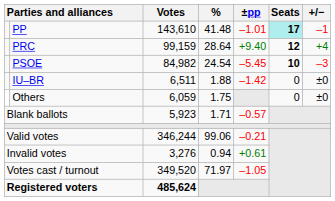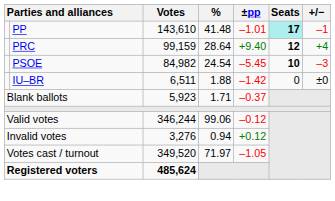 <table class="wikitable" style="text-align:right;">
 <tr>
 <th style="text-align:left;" colspan="2" width="200">Parties and alliances</th>
 <th width="75">Votes</th>
 <th width="45">%</th>
 <th width="45">±<a href='#'>pp</a></th>
 <th width="35">Seats</th>
 <th width="35">+/−</th>
 </tr>
 <tr>
 <td width="1" style="color:inherit;background:"></td>
 <td align="left"><a href='#'>PP</a></td>
 <td>143,610</td>
 <td>41.48</td>
 <td style="color:red;">–1.01</td>
 <td style="background: paleturquoise;"><strong>17</strong></td>
 <td style="color:red;">–1</td>
 </tr>
 <tr>
 <td style="color:inherit;background:"></td>
 <td align="left"><a href='#'>PRC</a></td>
 <td>99,159</td>
 <td>28.64</td>
 <td style="color:green;">+9.40</td>
 <td><strong>12</strong></td>
 <td style="color:green;">+4</td>
 </tr>
 <tr>
 <td style="color:inherit;background:"></td>
 <td align="left"><a href='#'>PSOE</a></td>
 <td>84,982</td>
 <td>24.54</td>
 <td style="color:red;">–5.45</td>
 <td><strong>10</strong></td>
 <td style="color:red;">–3</td>
 </tr>
 <tr>
 <td style="color:inherit;background:"></td>
 <td align="left"><a href='#'>IU–BR</a></td>
 <td>6,511</td>
 <td>1.88</td>
 <td style="color:red;">–1.42</td>
 <td>0</td>
 <td>±0</td>
 </tr>
 <tr>
-<td bgcolor="white"></td>
-<td align="left">Others</td>
-<td>6,059</td>
-<td>1.75</td>
-<td bgcolor="#E9E9E9"></td>
-<td>0</td>
-<td>±0</td>
-</tr>
-<tr>
 <td align="left" colspan="2">Blank ballots</td>
 <td>5,923</td>
 <td>1.71</td>
-<td style="color:red;">–0.57</td>
+<td style="color:red;">–0.37</td>
 <td bgcolor="#E9E9E9" colspan="2"></td>
 </tr>
 <tr>
 <td colspan="7" bgcolor="#E9E9E9"></td>
 </tr>
 <tr>
 <td align="left" colspan="2">Valid votes</td>
 <td>346,244</td>
 <td>99.06</td>
-<td style="color:red;">–0.21</td>
+<td style="color:red;">–0.12</td>
 <td bgcolor="#E9E9E9" colspan="2" rowspan="4"></td>
 </tr>
 <tr>
 <td align="left" colspan="2">Invalid votes</td>
 <td>3,276</td>
 <td>0.94</td>
-<td style="color:green;">+0.61</td>
+<td style="color:green;">+0.12</td>
 </tr>
 <tr>
 <td align="left" colspan="2">Votes cast / turnout</td>
 <td>349,520</td>
 <td>71.97</td>
 <td style="color:red;">–1.05</td>
 </tr>
 <tr style="font-weight:bold;">
 <td align="left" colspan="2">Registered voters</td>
 <td>485,624</td>
 <td bgcolor="#E9E9E9" colspan="2"></td>
 </tr>
 </table>
